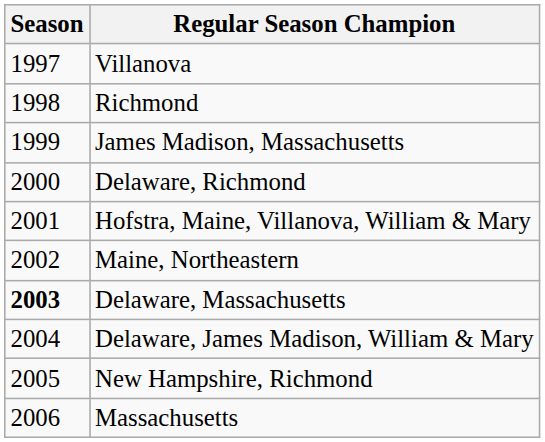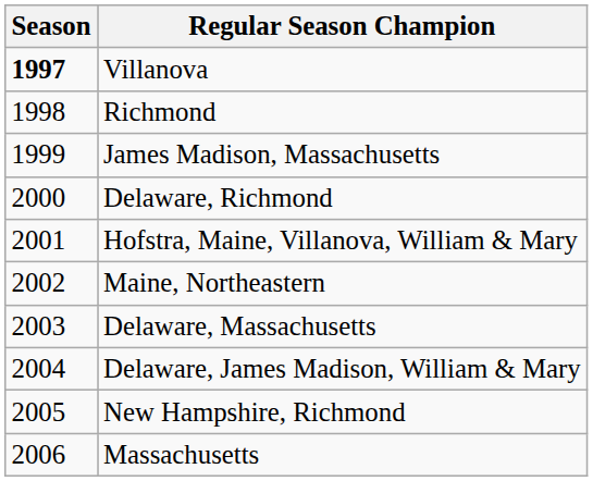 <table class="wikitable">
 <tr>
 <th>Season</th>
 <th>Regular Season Champion</th>
 </tr>
 <tr>
-<td>1997</td>
+<td><strong>1997</strong></td>
 <td>Villanova</td>
 </tr>
 <tr>
 <td>1998</td>
 <td>Richmond</td>
 </tr>
 <tr>
 <td>1999</td>
 <td>James Madison, Massachusetts</td>
 </tr>
 <tr>
 <td>2000</td>
 <td>Delaware, Richmond</td>
 </tr>
 <tr>
 <td>2001</td>
 <td>Hofstra, Maine, Villanova, William & Mary</td>
 </tr>
 <tr>
 <td>2002</td>
 <td>Maine, Northeastern</td>
 </tr>
 <tr>
-<td><strong>2003</strong></td>
+<td>2003</td>
 <td>Delaware, Massachusetts</td>
 </tr>
 <tr>
 <td>2004</td>
 <td>Delaware, James Madison, William & Mary</td>
 </tr>
 <tr>
 <td>2005</td>
 <td>New Hampshire, Richmond</td>
 </tr>
 <tr>
 <td>2006</td>
 <td>Massachusetts</td>
 </tr>
 </table>
